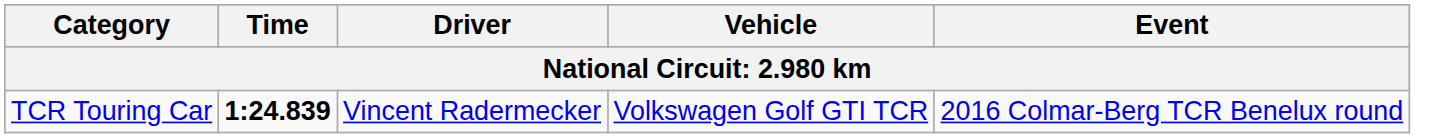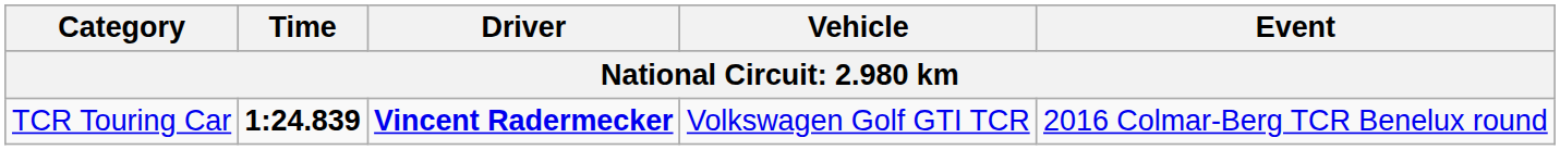 <table class=wikitable>
 <tr>
 <th>Category</th>
 <th>Time</th>
 <th>Driver</th>
 <th>Vehicle</th>
 <th>Event</th>
 </tr>
 <tr>
 <th colspan=5>National Circuit: 2.980 km</th>
 </tr>
 <tr>
 <td><a href='#'>TCR Touring Car</a></td>
 <td><strong>1:24.839</strong></td>
-<td><a href='#'>Vincent Radermecker</a></td>
+<td><strong><a href='#'>Vincent Radermecker</a></strong></td>
 <td><a href='#'>Volkswagen Golf GTI TCR</a></td>
 <td><a href='#'>2016 Colmar-Berg TCR Benelux round</a></td>
 </tr>
 </table>
